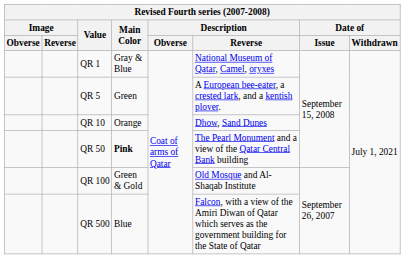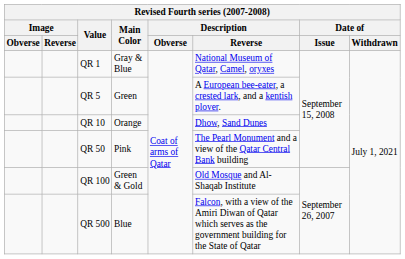 <table class="wikitable" style="font-size: 90%">
 <tr>
 <th colspan=8>Revised Fourth series (2007-2008)</th>
 </tr>
 <tr>
 <th colspan=2>Image</th>
 <th rowspan=2>Value</th>
 <th rowspan=2>Main Color</th>
 <th colspan=2>Description</th>
 <th colspan=2>Date of</th>
 </tr>
 <tr>
 <th>Obverse</th>
 <th>Reverse</th>
 <th>Obverse</th>
 <th>Reverse</th>
 <th>Issue</th>
 <th>Withdrawn</th>
 </tr>
 <tr>
 <td></td>
 <td></td>
 <td>QR 1</td>
 <td>Gray & Blue</td>
 <td rowspan=6><a href='#'>Coat of arms of Qatar</a></td>
 <td><a href='#'>National Museum of Qatar</a>, <a href='#'>Camel</a>, <a href='#'>oryxes</a></td>
 <td rowspan=4>September 15, 2008</td>
 <td rowspan=6>July 1, 2021</td>
 </tr>
 <tr>
 <td></td>
 <td></td>
 <td>QR 5</td>
 <td>Green</td>
 <td>A <a href='#'>European bee-eater</a>, a <a href='#'>crested lark</a>, and a <a href='#'>kentish plover</a>.</td>
 </tr>
 <tr>
 <td></td>
 <td></td>
 <td>QR 10</td>
 <td>Orange</td>
 <td><a href='#'>Dhow</a>, <a href='#'>Sand Dunes</a></td>
 </tr>
 <tr>
 <td></td>
 <td></td>
 <td>QR 50</td>
-<td><strong>Pink</strong></td>
+<td>Pink</td>
 <td><a href='#'>The Pearl Monument</a> and a view of the <a href='#'>Qatar Central Bank</a> building</td>
 </tr>
 <tr>
 <td></td>
 <td></td>
 <td>QR 100</td>
 <td>Green & Gold</td>
 <td><a href='#'>Old Mosque</a> and Al-Shaqab Institute</td>
 <td rowspan=2>September 26, 2007</td>
 </tr>
 <tr>
 <td></td>
 <td></td>
 <td>QR 500</td>
 <td>Blue</td>
 <td><a href='#'>Falcon</a>, with a view of the Amiri Diwan of Qatar which serves as the government building for the State of Qatar</td>
 </tr>
 </table>
